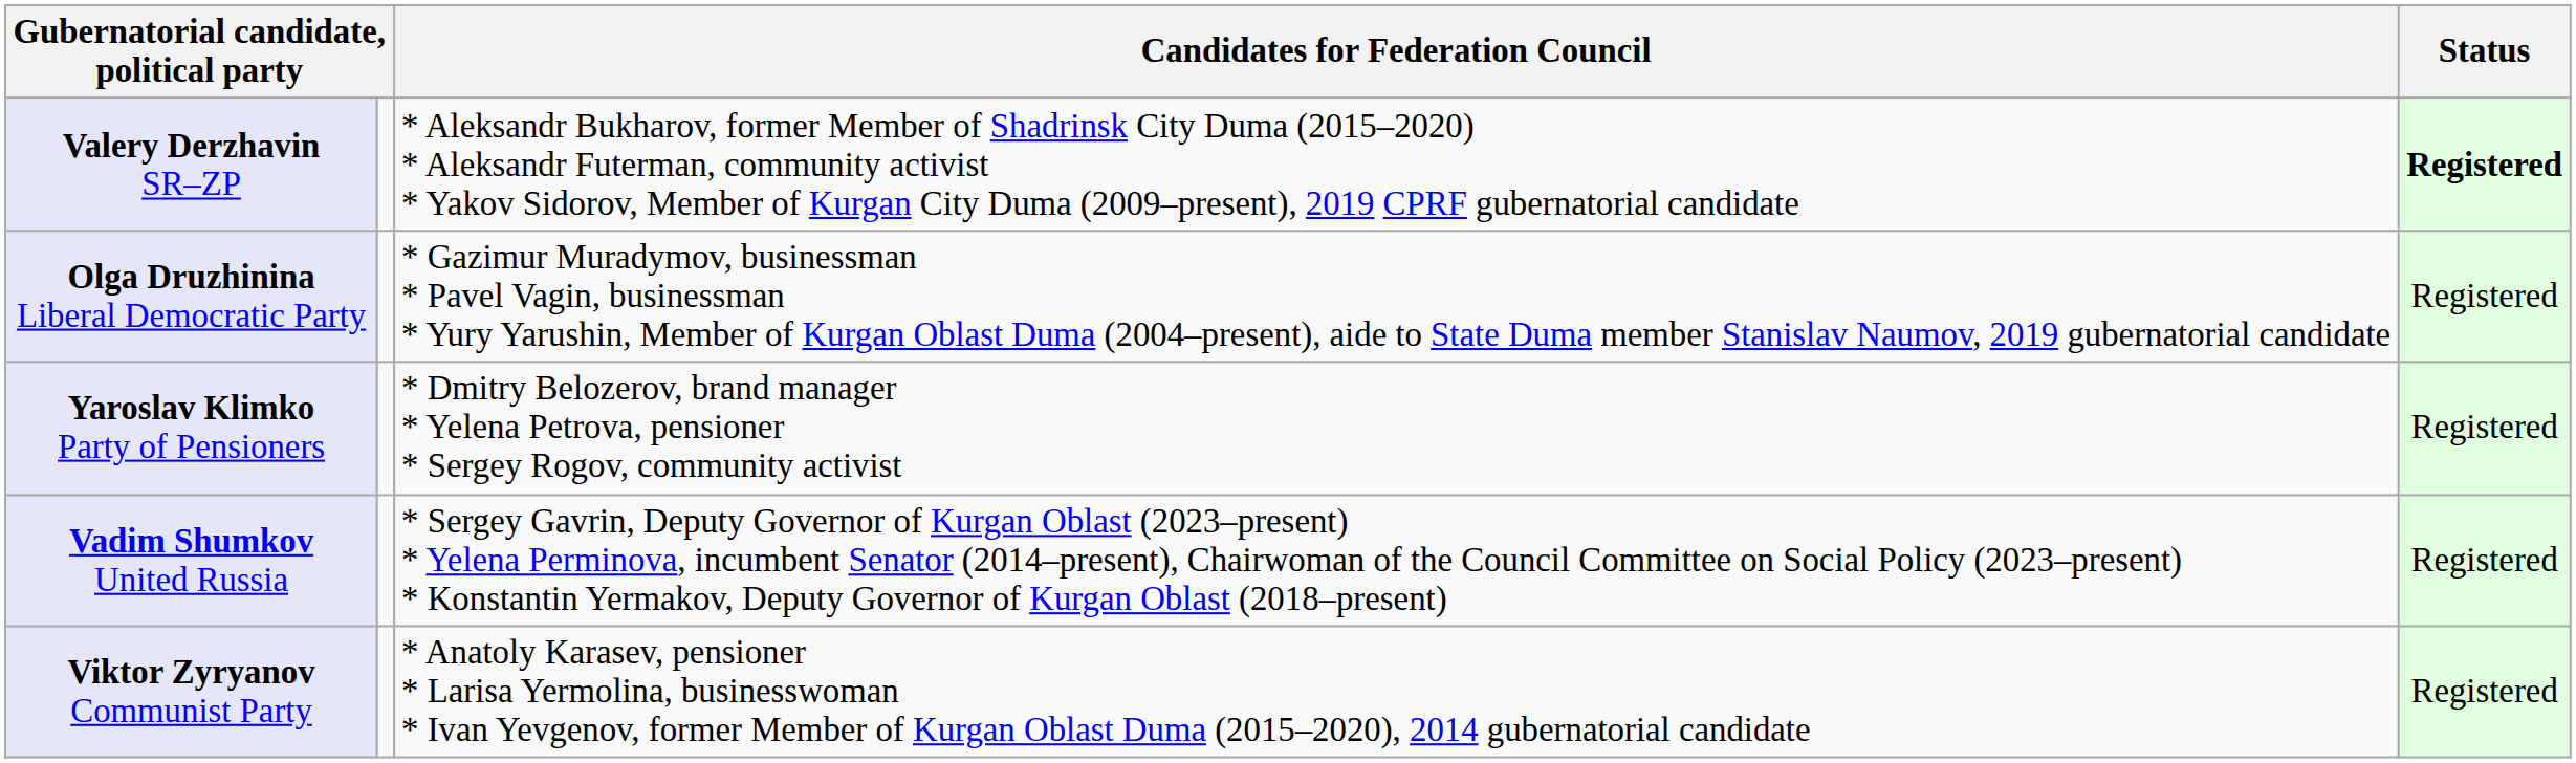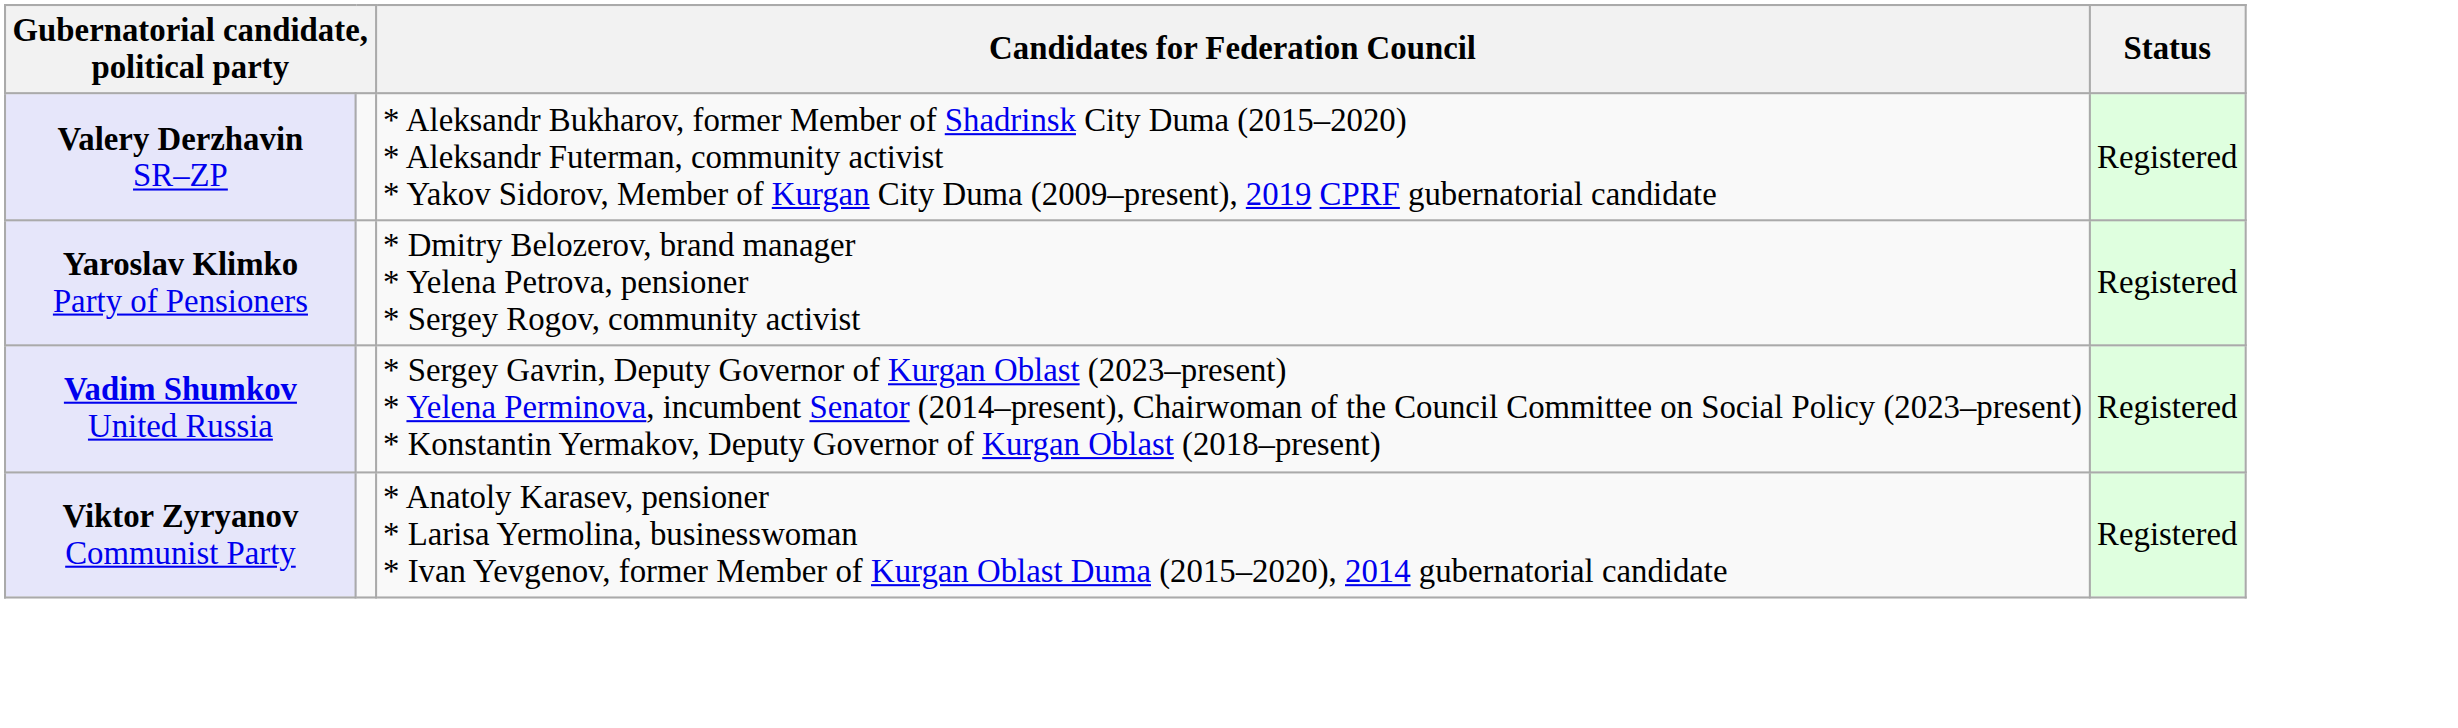 <table class="wikitable" style="text-align:center;">
 <tr>
 <th colspan="2">Gubernatorial candidate,<br>political party</th>
 <th>Candidates for Federation Council</th>
 <th>Status</th>
 </tr>
 <tr>
 <td style="background:lavender;"><strong>Valery Derzhavin</strong><br><a href='#'>SR–ZP</a></td>
 <td style="background-color:"></td>
 <td align=left>* Aleksandr Bukharov, former Member of <a href='#'>Shadrinsk</a> City Duma (2015–2020)<br>* Aleksandr Futerman, community activist<br>* Yakov Sidorov, Member of <a href='#'>Kurgan</a> City Duma (2009–present), <a href='#'>2019</a> <a href='#'>CPRF</a> gubernatorial candidate</td>
-<td bgcolor="#DFFFDF"><strong>Registered</strong></td>
-</tr>
-<tr>
-<td style="background:lavender;"><strong>Olga Druzhinina</strong><br><a href='#'>Liberal Democratic Party</a></td>
-<td style="background-color:"></td>
-<td align=left>* Gazimur Muradymov, businessman<br>* Pavel Vagin, businessman<br>* Yury Yarushin, Member of <a href='#'>Kurgan Oblast Duma</a> (2004–present), aide to <a href='#'>State Duma</a> member <a href='#'>Stanislav Naumov</a>, <a href='#'>2019</a> gubernatorial candidate</td>
 <td bgcolor="#DFFFDF">Registered</td>
 </tr>
 <tr>
 <td style="background:lavender;"><strong>Yaroslav Klimko</strong><br><a href='#'>Party of Pensioners</a></td>
 <td style="background-color:"></td>
 <td align=left>* Dmitry Belozerov, brand manager<br>* Yelena Petrova, pensioner<br>* Sergey Rogov, community activist</td>
 <td bgcolor="#DFFFDF">Registered</td>
 </tr>
 <tr>
 <td style="background:lavender;"><strong><a href='#'>Vadim Shumkov</a></strong><br><a href='#'>United Russia</a></td>
 <td style="background-color:"></td>
 <td align=left>* Sergey Gavrin, Deputy Governor of <a href='#'>Kurgan Oblast</a> (2023–present)<br>* <a href='#'>Yelena Perminova</a>, incumbent <a href='#'>Senator</a> (2014–present), Chairwoman of the Council Committee on Social Policy (2023–present)<br>* Konstantin Yermakov, Deputy Governor of <a href='#'>Kurgan Oblast</a> (2018–present)</td>
 <td bgcolor="#DFFFDF">Registered</td>
 </tr>
 <tr>
 <td style="background:lavender;"><strong>Viktor Zyryanov</strong><br><a href='#'>Communist Party</a></td>
 <td style="background-color:"></td>
 <td align=left>* Anatoly Karasev, pensioner<br>* Larisa Yermolina, businesswoman<br>* Ivan Yevgenov, former Member of <a href='#'>Kurgan Oblast Duma</a> (2015–2020), <a href='#'>2014</a> gubernatorial candidate</td>
 <td bgcolor="#DFFFDF">Registered</td>
 </tr>
 </table>
